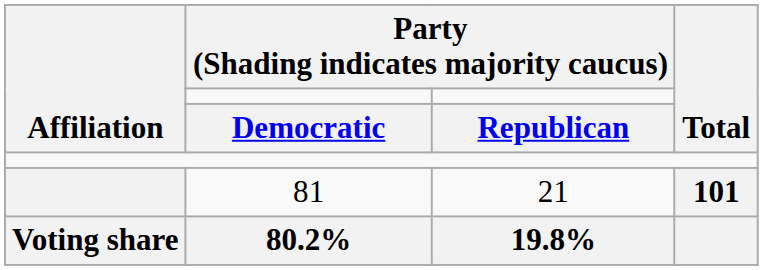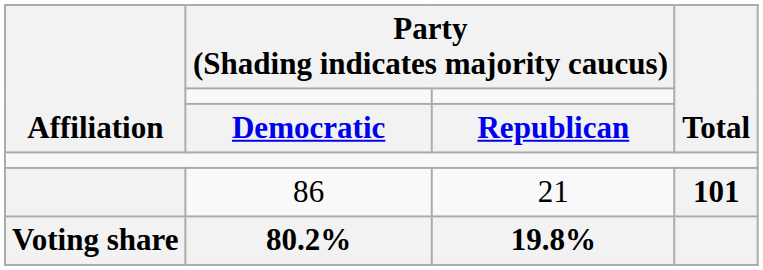 <table class=wikitable style="text-align:center">
 <tr style="vertical-align:bottom;">
 <th rowspan=3>Affiliation</th>
 <th colspan=2>Party <div>(Shading indicates majority caucus)</div></th>
 <th rowspan=3>Total</th>
 </tr>
 <tr style="height:5px">
 <td style="background-color:"></td>
 <td style="background-color:"></td>
 </tr>
 <tr>
 <th><a href='#'>Democratic</a></th>
 <th><a href='#'>Republican</a></th>
 </tr>
 <tr>
 <td colspan=5></td>
 </tr>
 <tr>
 <th nowrap style="font-size:80%"></th>
-<td>81</td>
+<td>86</td>
 <td>21</td>
 <th>101</th>
 </tr>
 <tr>
 <th>Voting share</th>
 <th>80.2%</th>
 <th>19.8%</th>
 <th colspan=2></th>
 </tr>
 </table>
